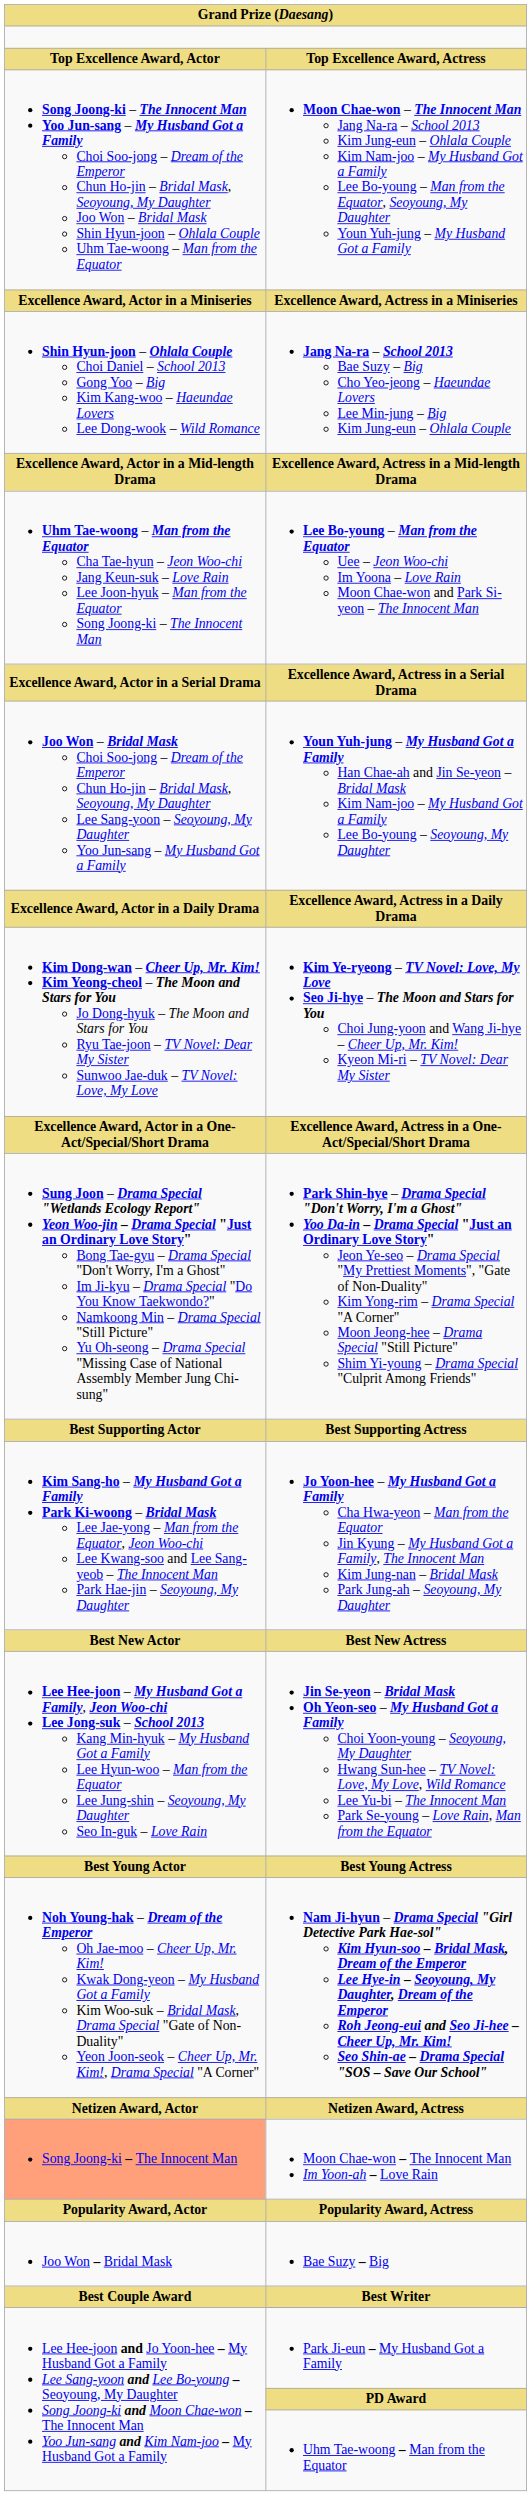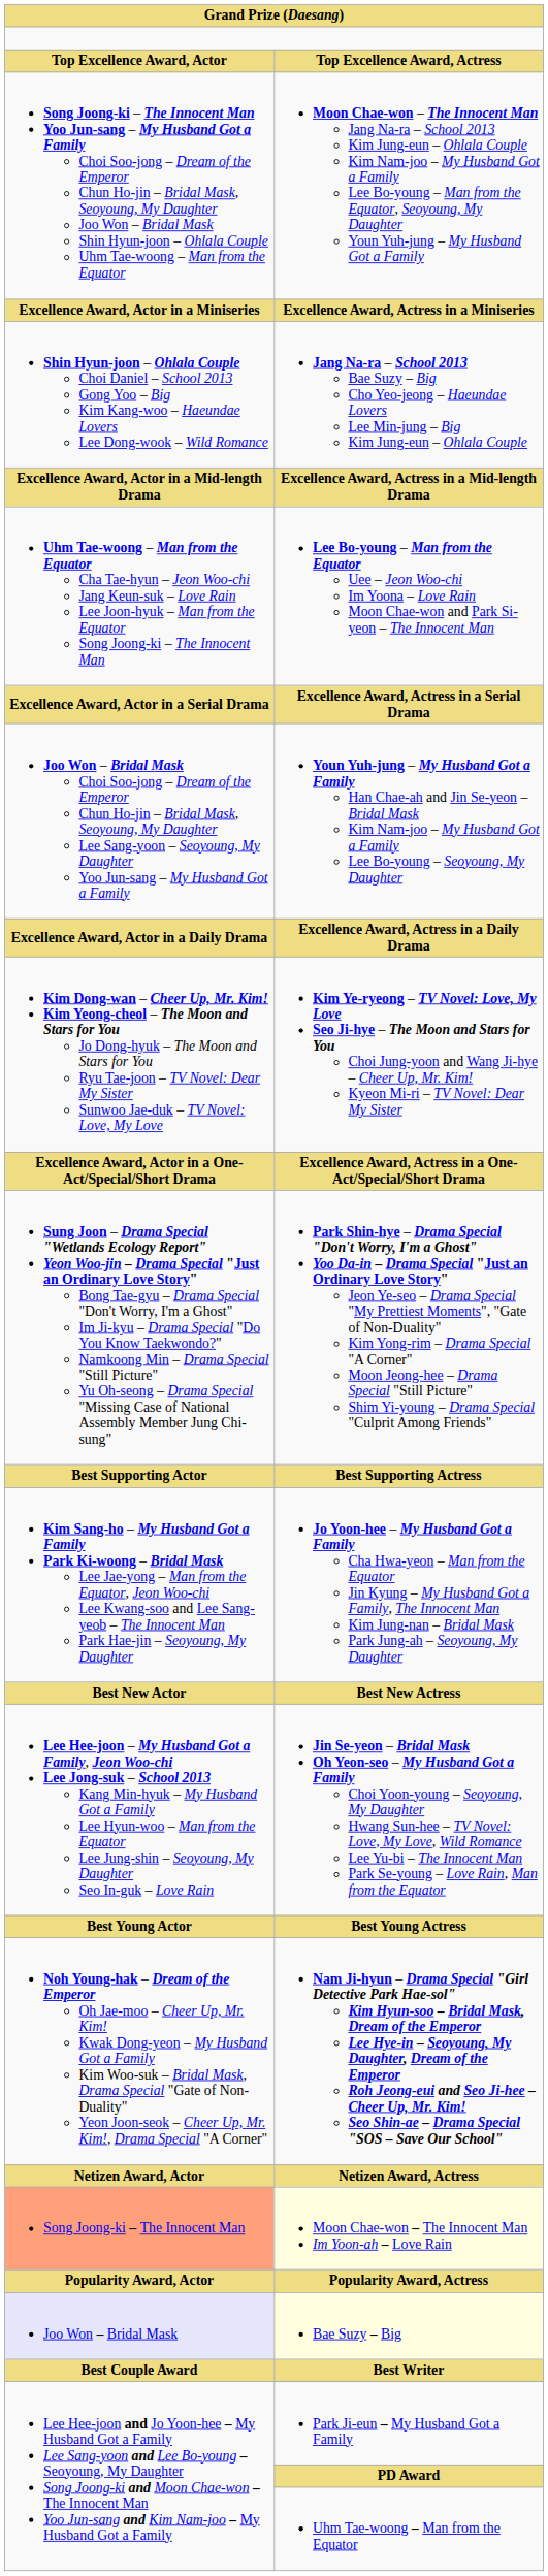 <table class="wikitable">
 <tr>
 <th scope="col" colspan="2" style="background:#eedd82">Grand Prize (<em>Daesang</em>)</th>
 </tr>
 <tr>
 <td valign="top" colspan="2"><br></td>
 </tr>
 <tr>
 <th scope="col" style="background:#eedd82; width:45%">Top Excellence Award, Actor</th>
 <th scope="col" style="background:#eedd82; width:45%">Top Excellence Award, Actress</th>
 </tr>
 <tr>
 <td valign="top"><br><ul><li><strong><a href='#'>Song Joong-ki</a></strong> – <strong><em><a href='#'>The Innocent Man</a></em></strong></li><li><strong><a href='#'>Yoo Jun-sang</a></strong> – <strong><em><a href='#'>My Husband Got a Family</a></em></strong><ul><li><a href='#'>Choi Soo-jong</a> – <em><a href='#'>Dream of the Emperor</a></em></li><li><a href='#'>Chun Ho-jin</a> – <em><a href='#'>Bridal Mask</a></em>, <em><a href='#'>Seoyoung, My Daughter</a></em></li><li><a href='#'>Joo Won</a> – <em><a href='#'>Bridal Mask</a></em></li><li><a href='#'>Shin Hyun-joon</a> – <em><a href='#'>Ohlala Couple</a></em></li><li><a href='#'>Uhm Tae-woong</a> – <em><a href='#'>Man from the Equator</a></em></li></ul></li></ul></td>
 <td valign="top"><br><ul><li><strong><a href='#'>Moon Chae-won</a></strong> – <strong><em><a href='#'>The Innocent Man</a></em></strong><ul><li><a href='#'>Jang Na-ra</a> – <em><a href='#'>School 2013</a></em></li><li><a href='#'>Kim Jung-eun</a> – <em><a href='#'>Ohlala Couple</a></em></li><li><a href='#'>Kim Nam-joo</a> – <em><a href='#'>My Husband Got a Family</a></em></li><li><a href='#'>Lee Bo-young</a> – <em><a href='#'>Man from the Equator</a></em>, <em><a href='#'>Seoyoung, My Daughter</a></em></li><li><a href='#'>Youn Yuh-jung</a> – <em><a href='#'>My Husband Got a Family</a></em></li></ul></li></ul></td>
 </tr>
 <tr>
 <th scope="col" style="background:#eedd82">Excellence Award, Actor in a Miniseries</th>
 <th scope="col" style="background:#eedd82">Excellence Award, Actress in a Miniseries</th>
 </tr>
 <tr>
 <td valign="top"><br><ul><li><strong><a href='#'>Shin Hyun-joon</a></strong> – <strong><em><a href='#'>Ohlala Couple</a></em></strong><ul><li><a href='#'>Choi Daniel</a> – <em><a href='#'>School 2013</a></em></li><li><a href='#'>Gong Yoo</a> – <em><a href='#'>Big</a></em></li><li><a href='#'>Kim Kang-woo</a> – <em><a href='#'>Haeundae Lovers</a></em></li><li><a href='#'>Lee Dong-wook</a> – <em><a href='#'>Wild Romance</a></em></li></ul></li></ul></td>
 <td valign="top"><br><ul><li><strong><a href='#'>Jang Na-ra</a></strong> – <strong><em><a href='#'>School 2013</a></em></strong><ul><li><a href='#'>Bae Suzy</a> – <em><a href='#'>Big</a></em></li><li><a href='#'>Cho Yeo-jeong</a> – <em><a href='#'>Haeundae Lovers</a></em></li><li><a href='#'>Lee Min-jung</a> – <em><a href='#'>Big</a></em></li><li><a href='#'>Kim Jung-eun</a> – <em><a href='#'>Ohlala Couple</a></em></li></ul></li></ul></td>
 </tr>
 <tr>
 <th scope="col" style="background:#eedd82">Excellence Award, Actor in a Mid-length Drama</th>
 <th scope="col" style="background:#eedd82">Excellence Award, Actress in a Mid-length Drama</th>
 </tr>
 <tr>
 <td valign="top"><br><ul><li><strong><a href='#'>Uhm Tae-woong</a></strong> – <strong><em><a href='#'>Man from the Equator</a></em></strong><ul><li><a href='#'>Cha Tae-hyun</a> – <em><a href='#'>Jeon Woo-chi</a></em></li><li><a href='#'>Jang Keun-suk</a> – <em><a href='#'>Love Rain</a></em></li><li><a href='#'>Lee Joon-hyuk</a> – <em><a href='#'>Man from the Equator</a></em></li><li><a href='#'>Song Joong-ki</a> – <em><a href='#'>The Innocent Man</a></em></li></ul></li></ul></td>
 <td valign="top"><br><ul><li><strong><a href='#'>Lee Bo-young</a></strong> – <strong><em><a href='#'>Man from the Equator</a></em></strong><ul><li><a href='#'>Uee</a> – <em><a href='#'>Jeon Woo-chi</a></em></li><li><a href='#'>Im Yoona</a> – <em><a href='#'>Love Rain</a></em></li><li><a href='#'>Moon Chae-won</a> and <a href='#'>Park Si-yeon</a> – <em><a href='#'>The Innocent Man</a></em></li></ul></li></ul></td>
 </tr>
 <tr>
 <th scope="col" style="background:#eedd82">Excellence Award, Actor in a Serial Drama</th>
 <th scope="col" style="background:#eedd82">Excellence Award, Actress in a Serial Drama</th>
 </tr>
 <tr>
 <td valign="top"><br><ul><li><strong><a href='#'>Joo Won</a></strong> – <strong><em><a href='#'>Bridal Mask</a></em></strong><ul><li><a href='#'>Choi Soo-jong</a> – <em><a href='#'>Dream of the Emperor</a></em></li><li><a href='#'>Chun Ho-jin</a> – <em><a href='#'>Bridal Mask</a></em>, <em><a href='#'>Seoyoung, My Daughter</a></em></li><li><a href='#'>Lee Sang-yoon</a> – <em><a href='#'>Seoyoung, My Daughter</a></em></li><li><a href='#'>Yoo Jun-sang</a> – <em><a href='#'>My Husband Got a Family</a></em></li></ul></li></ul></td>
 <td valign="top"><br><ul><li><strong><a href='#'>Youn Yuh-jung</a></strong> – <strong><em><a href='#'>My Husband Got a Family</a></em></strong><ul><li><a href='#'>Han Chae-ah</a> and <a href='#'>Jin Se-yeon</a> – <em><a href='#'>Bridal Mask</a></em></li><li><a href='#'>Kim Nam-joo</a> – <em><a href='#'>My Husband Got a Family</a></em></li><li><a href='#'>Lee Bo-young</a> – <em><a href='#'>Seoyoung, My Daughter</a></em></li></ul></li></ul></td>
 </tr>
 <tr>
 <th scope="col" style="background:#eedd82">Excellence Award, Actor in a Daily Drama</th>
 <th scope="col" style="background:#eedd82">Excellence Award, Actress in a Daily Drama</th>
 </tr>
 <tr>
 <td valign="top"><br><ul><li><strong><a href='#'>Kim Dong-wan</a></strong> – <strong><em><a href='#'>Cheer Up, Mr. Kim!</a></em></strong></li><li><strong><a href='#'>Kim Yeong-cheol</a></strong> – <strong><em>The Moon and Stars for You</em></strong><ul><li><a href='#'>Jo Dong-hyuk</a> – <em>The Moon and Stars for You</em></li><li><a href='#'>Ryu Tae-joon</a> – <em><a href='#'>TV Novel: Dear My Sister</a></em></li><li><a href='#'>Sunwoo Jae-duk</a> – <em><a href='#'>TV Novel: Love, My Love</a></em></li></ul></li></ul></td>
 <td valign="top"><br><ul><li><strong><a href='#'>Kim Ye-ryeong</a></strong> – <strong><em><a href='#'>TV Novel: Love, My Love</a></em></strong></li><li><strong><a href='#'>Seo Ji-hye</a></strong> – <strong><em>The Moon and Stars for You</em></strong><ul><li><a href='#'>Choi Jung-yoon</a> and <a href='#'>Wang Ji-hye</a> – <em><a href='#'>Cheer Up, Mr. Kim!</a></em></li><li><a href='#'>Kyeon Mi-ri</a> – <em><a href='#'>TV Novel: Dear My Sister</a></em></li></ul></li></ul></td>
 </tr>
 <tr>
 <th scope="col" style="background:#eedd82">Excellence Award, Actor in a One-Act/Special/Short Drama</th>
 <th scope="col" style="background:#eedd82">Excellence Award, Actress in a One-Act/Special/Short Drama</th>
 </tr>
 <tr>
 <td valign="top"><br><ul><li><strong><a href='#'>Sung Joon</a></strong> – <strong><em><a href='#'>Drama Special</a><em> "Wetlands Ecology Report"<strong></li><li></strong><a href='#'>Yeon Woo-jin</a><strong> – </em></strong><a href='#'>Drama Special</a></em> "<a href='#'>Just an Ordinary Love Story</a>"</strong><ul><li><a href='#'>Bong Tae-gyu</a> – <em><a href='#'>Drama Special</a></em> "Don't Worry, I'm a Ghost"</li><li><a href='#'>Im Ji-kyu</a> – <em><a href='#'>Drama Special</a></em> "<a href='#'>Do You Know Taekwondo?</a>"</li><li><a href='#'>Namkoong Min</a> – <em><a href='#'>Drama Special</a></em> "Still Picture"</li><li><a href='#'>Yu Oh-seong</a> – <em><a href='#'>Drama Special</a></em> "Missing Case of National Assembly Member Jung Chi-sung"</li></ul></li></ul></td>
 <td valign="top"><br><ul><li><strong><a href='#'>Park Shin-hye</a></strong> – <strong><em><a href='#'>Drama Special</a><em> "Don't Worry, I'm a Ghost"<strong></li><li></strong><a href='#'>Yoo Da-in</a><strong> – </em></strong><a href='#'>Drama Special</a></em> "<a href='#'>Just an Ordinary Love Story</a>"</strong><ul><li><a href='#'>Jeon Ye-seo</a> – <em><a href='#'>Drama Special</a></em> "<a href='#'>My Prettiest Moments</a>", "Gate of Non-Duality"</li><li><a href='#'>Kim Yong-rim</a> – <em><a href='#'>Drama Special</a></em> "A Corner"</li><li><a href='#'>Moon Jeong-hee</a> – <em><a href='#'>Drama Special</a></em> "Still Picture"</li><li><a href='#'>Shim Yi-young</a> – <em><a href='#'>Drama Special</a></em> "Culprit Among Friends"</li></ul></li></ul></td>
 </tr>
 <tr>
 <th scope="col" style="background:#eedd82">Best Supporting Actor</th>
 <th scope="col" style="background:#eedd82">Best Supporting Actress</th>
 </tr>
 <tr>
 <td valign="top"><br><ul><li><strong><a href='#'>Kim Sang-ho</a></strong> – <strong><em><a href='#'>My Husband Got a Family</a></em></strong></li><li><strong><a href='#'>Park Ki-woong</a></strong> – <strong><em><a href='#'>Bridal Mask</a></em></strong><ul><li><a href='#'>Lee Jae-yong</a> – <em><a href='#'>Man from the Equator</a></em>, <em><a href='#'>Jeon Woo-chi</a></em></li><li><a href='#'>Lee Kwang-soo</a> and <a href='#'>Lee Sang-yeob</a> – <em><a href='#'>The Innocent Man</a></em></li><li><a href='#'>Park Hae-jin</a> – <em><a href='#'>Seoyoung, My Daughter</a></em></li></ul></li></ul></td>
 <td valign="top"><br><ul><li><strong><a href='#'>Jo Yoon-hee</a></strong> – <strong><em><a href='#'>My Husband Got a Family</a></em></strong><ul><li><a href='#'>Cha Hwa-yeon</a> – <em><a href='#'>Man from the Equator</a></em></li><li><a href='#'>Jin Kyung</a> – <em><a href='#'>My Husband Got a Family</a></em>, <em><a href='#'>The Innocent Man</a></em></li><li><a href='#'>Kim Jung-nan</a> – <em><a href='#'>Bridal Mask</a></em></li><li><a href='#'>Park Jung-ah</a> – <em><a href='#'>Seoyoung, My Daughter</a></em></li></ul></li></ul></td>
 </tr>
 <tr>
 <th scope="col" style="background:#eedd82">Best New Actor</th>
 <th scope="col" style="background:#eedd82">Best New Actress</th>
 </tr>
 <tr>
 <td valign="top"><br><ul><li><strong><a href='#'>Lee Hee-joon</a></strong> – <strong><em><a href='#'>My Husband Got a Family</a></em></strong>, <strong><em><a href='#'>Jeon Woo-chi</a></em></strong></li><li><strong><a href='#'>Lee Jong-suk</a></strong> – <strong><em><a href='#'>School 2013</a></em></strong><ul><li><a href='#'>Kang Min-hyuk</a> – <em><a href='#'>My Husband Got a Family</a></em></li><li><a href='#'>Lee Hyun-woo</a> – <em><a href='#'>Man from the Equator</a></em></li><li><a href='#'>Lee Jung-shin</a> – <em><a href='#'>Seoyoung, My Daughter</a></em></li><li><a href='#'>Seo In-guk</a> – <em><a href='#'>Love Rain</a></em></li></ul></li></ul></td>
 <td valign="top"><br><ul><li><strong><a href='#'>Jin Se-yeon</a></strong> – <strong><em><a href='#'>Bridal Mask</a></em></strong></li><li><strong><a href='#'>Oh Yeon-seo</a></strong> – <strong><em><a href='#'>My Husband Got a Family</a></em></strong><ul><li><a href='#'>Choi Yoon-young</a> – <em><a href='#'>Seoyoung, My Daughter</a></em></li><li><a href='#'>Hwang Sun-hee</a> – <em><a href='#'>TV Novel: Love, My Love</a></em>, <em><a href='#'>Wild Romance</a></em></li><li><a href='#'>Lee Yu-bi</a> – <em><a href='#'>The Innocent Man</a></em></li><li><a href='#'>Park Se-young</a> – <em><a href='#'>Love Rain</a></em>, <em><a href='#'>Man from the Equator</a></em></li></ul></li></ul></td>
 </tr>
 <tr>
 <th scope="col" style="background:#eedd82">Best Young Actor</th>
 <th scope="col" style="background:#eedd82">Best Young Actress</th>
 </tr>
 <tr>
 <td valign="top"><br><ul><li><strong><a href='#'>Noh Young-hak</a></strong> – <strong><em><a href='#'>Dream of the Emperor</a></em></strong><ul><li><a href='#'>Oh Jae-moo</a> – <em><a href='#'>Cheer Up, Mr. Kim!</a></em></li><li><a href='#'>Kwak Dong-yeon</a> – <em><a href='#'>My Husband Got a Family</a></em></li><li>Kim Woo-suk – <em><a href='#'>Bridal Mask</a></em>, <em><a href='#'>Drama Special</a></em> "Gate of Non-Duality"</li><li><a href='#'>Yeon Joon-seok</a> – <em><a href='#'>Cheer Up, Mr. Kim!</a></em>, <em><a href='#'>Drama Special</a></em> "A Corner"</li></ul></li></ul></td>
 <td valign="top"><br><ul><li><strong><a href='#'>Nam Ji-hyun</a></strong> – <strong><em><a href='#'>Drama Special</a><em> "Girl Detective Park Hae-sol"<strong><ul><li><a href='#'>Kim Hyun-soo</a> – </em><a href='#'>Bridal Mask</a><em>, </em><a href='#'>Dream of the Emperor</a><em></li><li><a href='#'>Lee Hye-in</a> – </em><a href='#'>Seoyoung, My Daughter</a><em>, </em><a href='#'>Dream of the Emperor</a><em></li><li><a href='#'>Roh Jeong-eui</a> and <a href='#'>Seo Ji-hee</a> – </em><a href='#'>Cheer Up, Mr. Kim!</a><em></li><li><a href='#'>Seo Shin-ae</a> – </em><a href='#'>Drama Special</a><em> "SOS – Save Our School"</li></ul></li></ul></td>
 </tr>
 <tr>
 <th scope="col" style="background:#eedd82">Netizen Award, Actor</th>
 <th scope="col" style="background:#eedd82">Netizen Award, Actress</th>
 </tr>
 <tr>
 <td valign="top" style="background: lightsalmon;"><br><ul><li></strong><a href='#'>Song Joong-ki</a><strong> – </em></strong><a href='#'>The Innocent Man</a><strong><em></li></ul></td>
-<td valign="top"><br><ul><li></strong><a href='#'>Moon Chae-won</a><strong> – </em></strong><a href='#'>The Innocent Man</a><strong><em></li><li></strong><a href='#'>Im Yoon-ah</a><strong> – </em></strong><a href='#'>Love Rain</a><strong><em></li></ul></td>
+<td valign="top" style="background: lightyellow;"><br><ul><li></strong><a href='#'>Moon Chae-won</a><strong> – </em></strong><a href='#'>The Innocent Man</a><strong><em></li><li></strong><a href='#'>Im Yoon-ah</a><strong> – </em></strong><a href='#'>Love Rain</a><strong><em></li></ul></td>
 </tr>
 <tr>
 <th scope="col" style="background:#eedd82">Popularity Award, Actor</th>
 <th scope="col" style="background:#eedd82">Popularity Award, Actress</th>
 </tr>
 <tr>
-<td valign="top"><br><ul><li></strong><a href='#'>Joo Won</a><strong> – </em></strong><a href='#'>Bridal Mask</a><strong><em></li></ul></td>
-<td valign="top"><br><ul><li></strong><a href='#'>Bae Suzy</a><strong> – </em></strong><a href='#'>Big</a><strong><em></li></ul></td>
+<td valign="top" style="background: lavender;"><br><ul><li></strong><a href='#'>Joo Won</a><strong> – </em></strong><a href='#'>Bridal Mask</a><strong><em></li></ul></td>
+<td valign="top" style="background: lightyellow;"><br><ul><li></strong><a href='#'>Bae Suzy</a><strong> – </em></strong><a href='#'>Big</a><strong><em></li></ul></td>
 </tr>
 <tr>
 <th scope="col" style="background:#eedd82">Best Couple Award</th>
 <th scope="col" style="background:#eedd82">Best Writer</th>
 </tr>
 <tr>
 <td rowspan="5" valign="top"><br><ul><li></strong><a href='#'>Lee Hee-joon</a><strong> and </strong><a href='#'>Jo Yoon-hee</a><strong> – </em></strong><a href='#'>My Husband Got a Family</a><strong><em></li><li></strong><a href='#'>Lee Sang-yoon</a><strong> and </strong><a href='#'>Lee Bo-young</a><strong> – </em></strong><a href='#'>Seoyoung, My Daughter</a><strong><em></li><li></strong><a href='#'>Song Joong-ki</a><strong> and </strong><a href='#'>Moon Chae-won</a><strong> – </em></strong><a href='#'>The Innocent Man</a><strong><em></li><li></strong><a href='#'>Yoo Jun-sang</a><strong> and </strong><a href='#'>Kim Nam-joo</a><strong> – </em></strong><a href='#'>My Husband Got a Family</a><strong><em></li></ul></td>
 </tr>
 <tr>
 <td valign="top"><br><ul><li></strong><a href='#'>Park Ji-eun</a><strong> – </em></strong><a href='#'>My Husband Got a Family</a><strong><em></li></ul></td>
 </tr>
 <tr>
 <th scope="col" style="background:#eedd82">PD Award</th>
 </tr>
 <tr>
 <td valign="top"><br><ul><li></strong><a href='#'>Uhm Tae-woong</a><strong> – </em></strong><a href='#'>Man from the Equator</a><strong><em></li></ul></td>
 </tr>
 </table>
